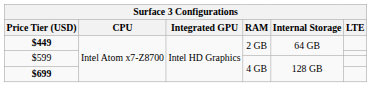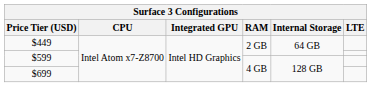 <table class="wikitable" style="text-align:center">
 <tr>
 <th colspan="6">Surface 3 Configurations</th>
 </tr>
 <tr>
 <th>Price Tier (USD)</th>
 <th>CPU</th>
 <th>Integrated GPU</th>
 <th>RAM</th>
 <th>Internal Storage</th>
 <th>LTE</th>
 </tr>
 <tr>
-<td><strong>$449</strong></td>
+<td>$449</td>
 <td rowspan="4">Intel Atom x7-Z8700</td>
 <td rowspan="4">Intel HD Graphics</td>
 <td rowspan="2">2 GB</td>
 <td rowspan="2">64 GB</td>
 <td></td>
 </tr>
 <tr>
 <td rowspan="2">$599</td>
 <td></td>
 </tr>
 <tr>
 <td rowspan="2">4 GB</td>
 <td rowspan="2">128 GB</td>
 <td></td>
 </tr>
 <tr>
-<td><strong>$699</strong></td>
+<td>$699</td>
 <td></td>
 </tr>
 </table>
